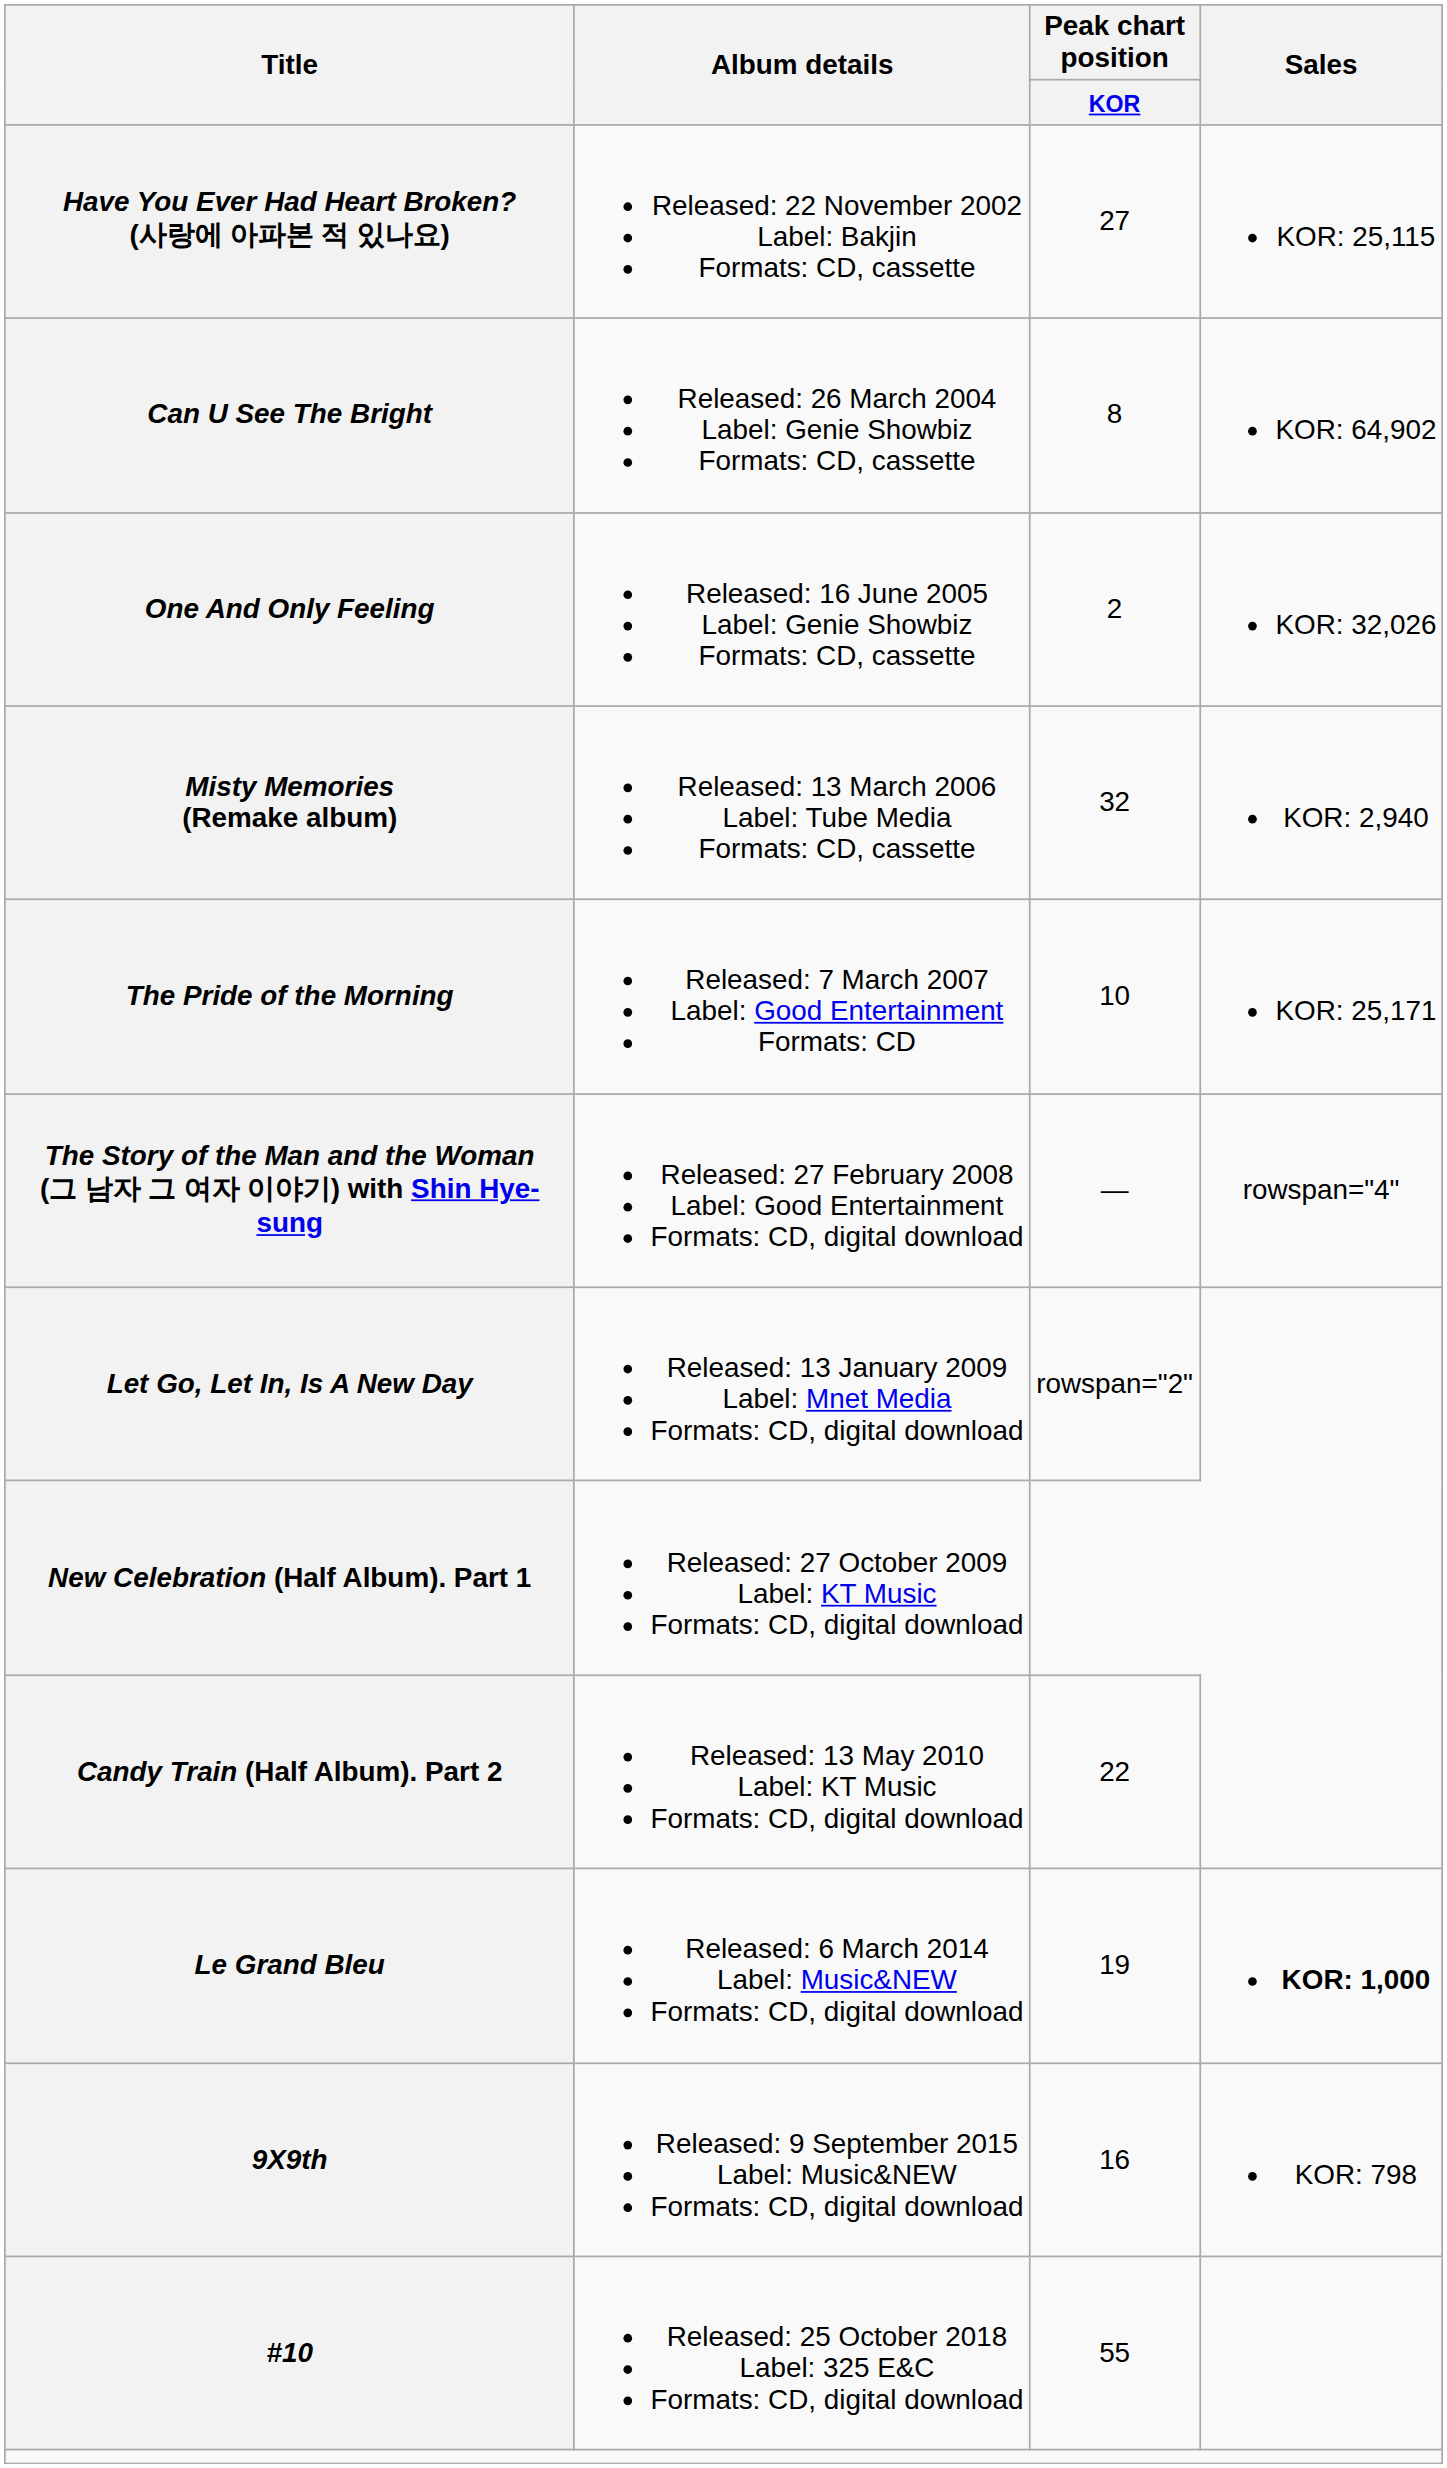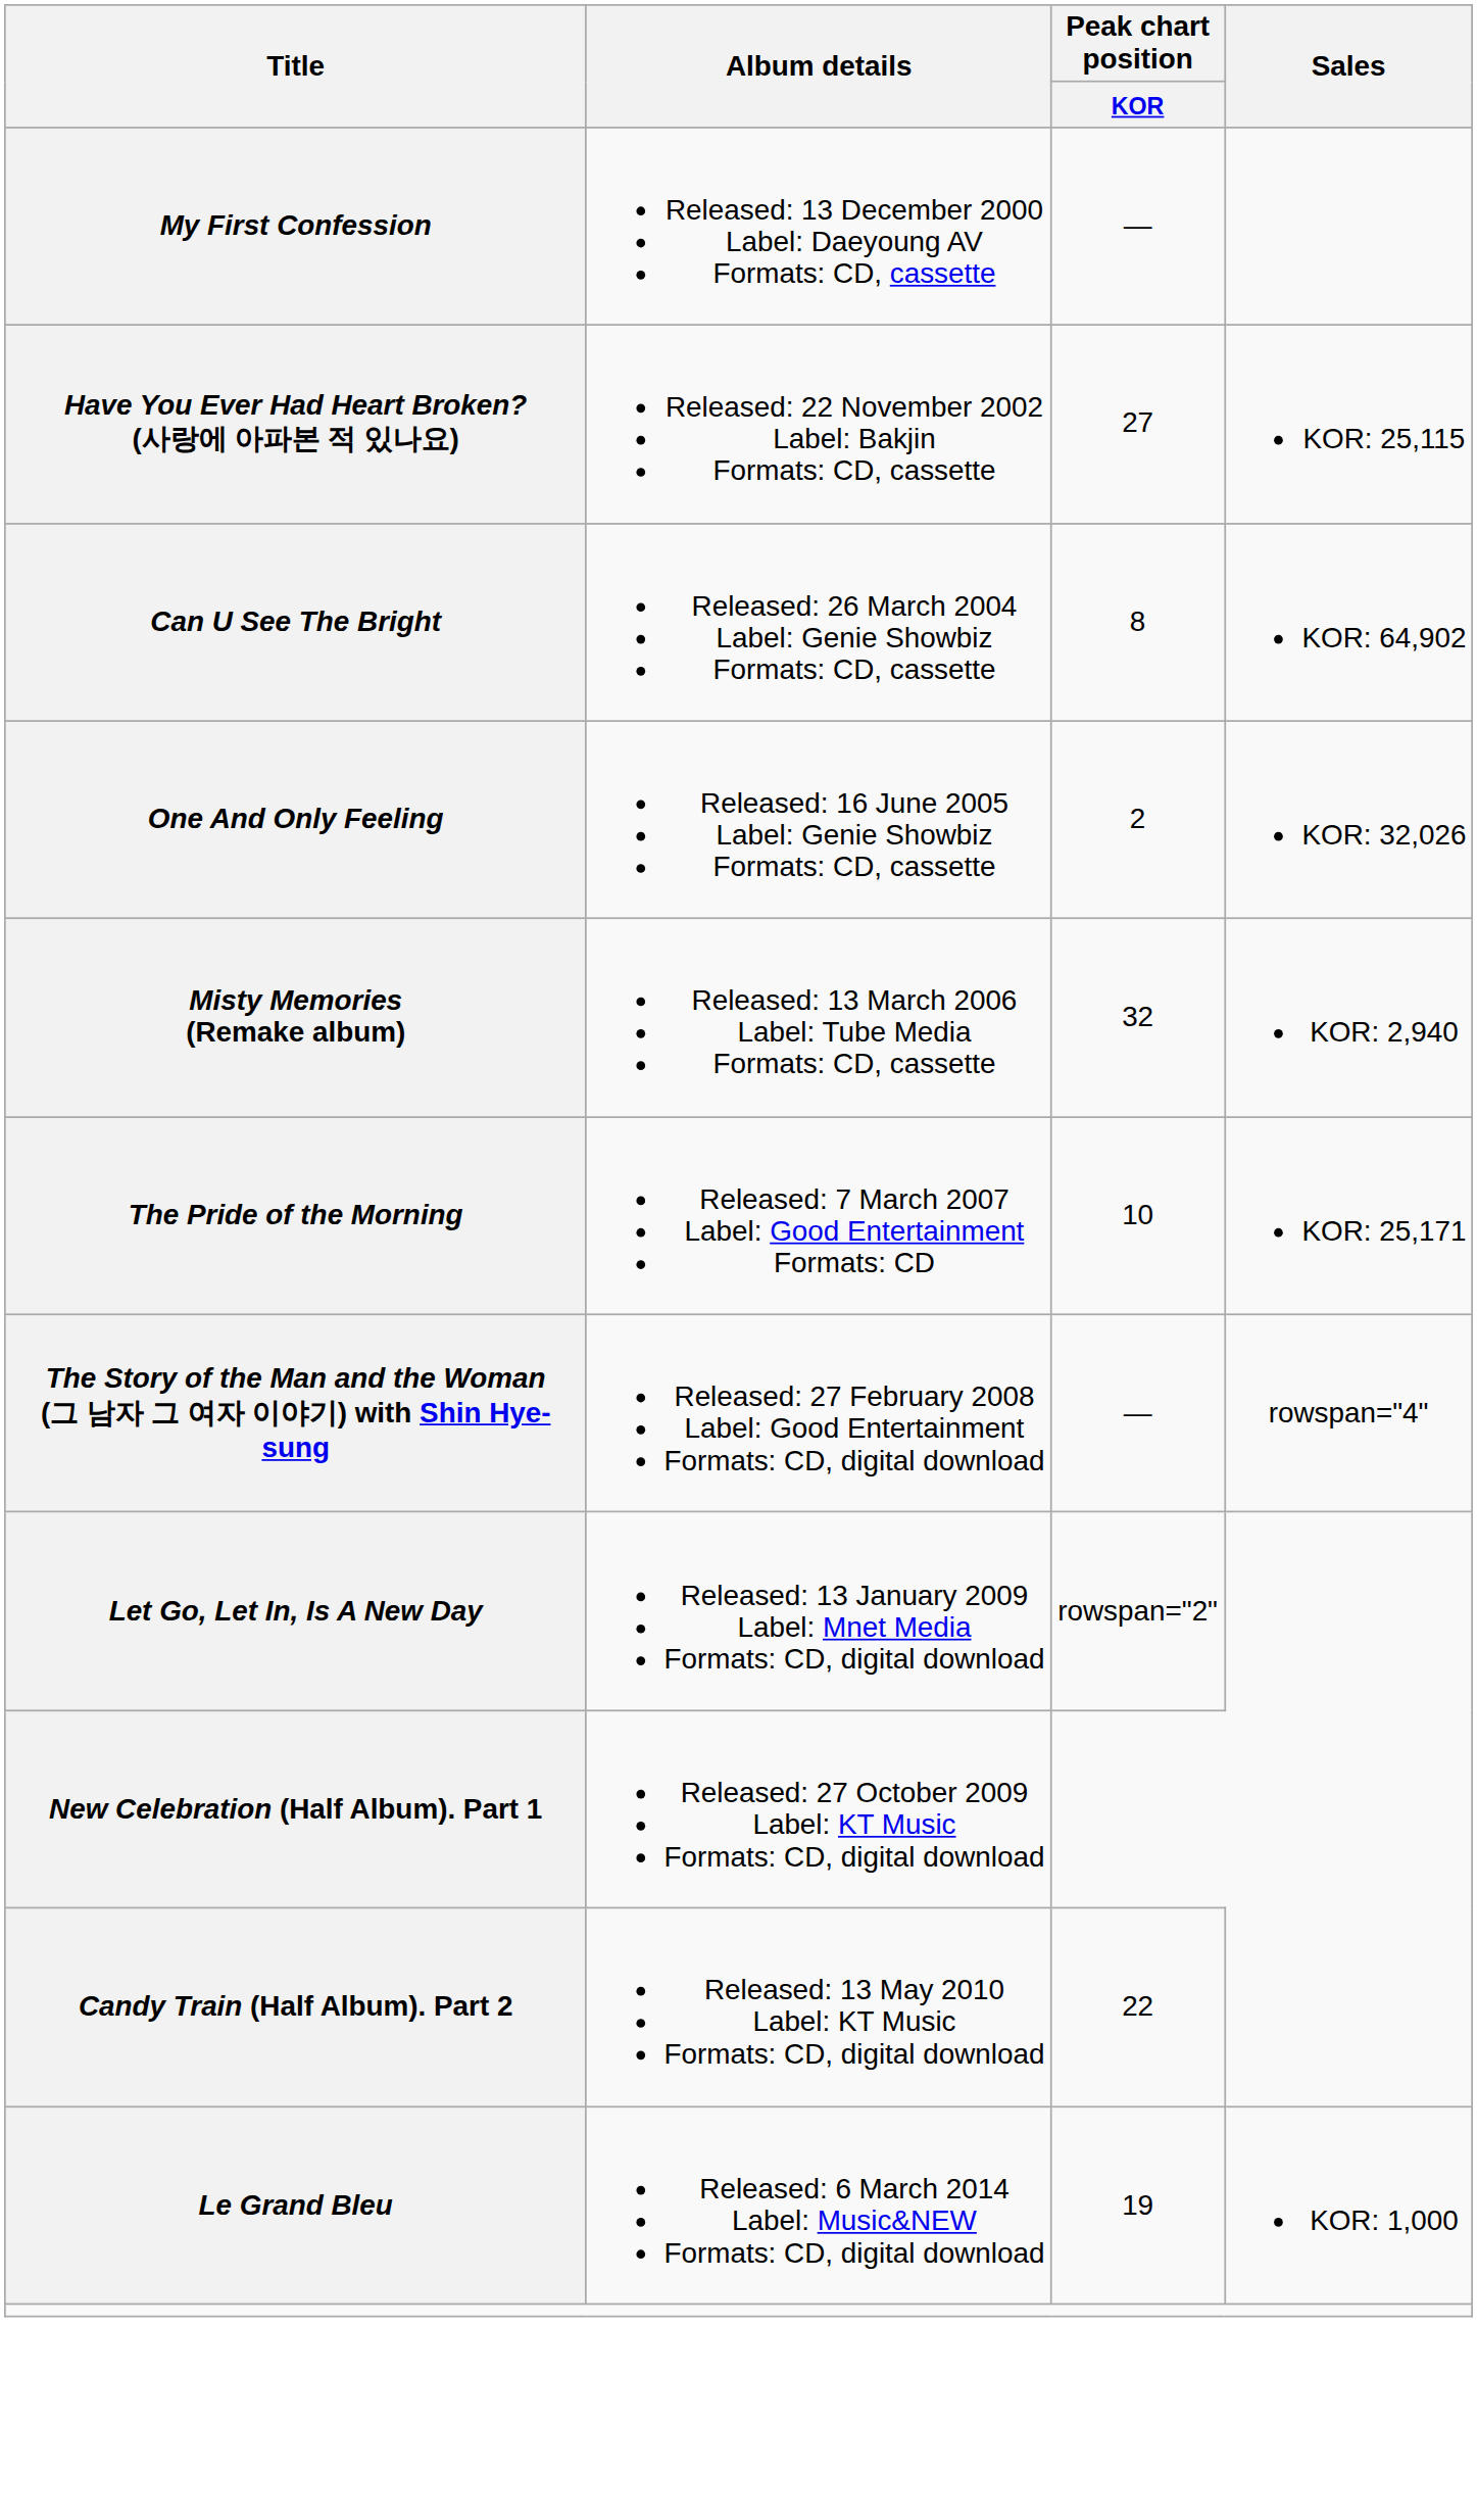 <table class="wikitable plainrowheaders" style="text-align:center;">
 <tr>
 <th scope="col" rowspan="2" style="width:20em;">Title</th>
 <th scope="col" rowspan="2">Album details</th>
 <th scope="col" style="width:5em;">Peak chart position</th>
 <th scope="col" rowspan="2">Sales</th>
 </tr>
 <tr>
 <th><small><a href='#'>KOR</a></small><br></th>
+</tr>
+<tr>
+<th scope="row"><em>My First Confession</em></th>
+<td><br><ul><li>Released: 13 December 2000</li><li>Label: Daeyoung AV</li><li>Formats: CD, <a href='#'>cassette</a></li></ul></td>
+<td>—</td>
+<td></td>
 </tr>
 <tr>
 <th scope="row"><em>Have You Ever Had Heart Broken?</em><br>(사랑에 아파본 적 있나요)</th>
 <td><br><ul><li>Released: 22 November 2002</li><li>Label: Bakjin</li><li>Formats: CD, cassette</li></ul></td>
 <td>27</td>
 <td><br><ul><li>KOR: 25,115</li></ul></td>
 </tr>
 <tr>
 <th scope="row"><em>Can U See The Bright</em></th>
 <td><br><ul><li>Released: 26 March 2004</li><li>Label: Genie Showbiz</li><li>Formats: CD, cassette</li></ul></td>
 <td>8</td>
 <td><br><ul><li>KOR: 64,902</li></ul></td>
 </tr>
 <tr>
 <th scope="row"><em>One And Only Feeling</em></th>
 <td><br><ul><li>Released: 16 June 2005</li><li>Label: Genie Showbiz</li><li>Formats: CD, cassette</li></ul></td>
 <td>2</td>
 <td><br><ul><li>KOR: 32,026</li></ul></td>
 </tr>
 <tr>
 <th scope="row"><em>Misty Memories</em><br>(Remake album)</th>
 <td><br><ul><li>Released: 13 March 2006</li><li>Label: Tube Media</li><li>Formats: CD, cassette</li></ul></td>
 <td>32</td>
 <td><br><ul><li>KOR: 2,940</li></ul></td>
 </tr>
 <tr>
 <th scope="row"><em>The Pride of the Morning</em></th>
 <td><br><ul><li>Released: 7 March 2007</li><li>Label: <a href='#'>Good Entertainment</a></li><li>Formats: CD</li></ul></td>
 <td>10</td>
 <td><br><ul><li>KOR: 25,171</li></ul></td>
 </tr>
 <tr>
 <th scope="row"><em>The Story of the Man and the Woman</em><br>(그 남자 그 여자 이야기) with <a href='#'>Shin Hye-sung</a></th>
 <td><br><ul><li>Released: 27 February 2008</li><li>Label: Good Entertainment</li><li>Formats: CD, digital download</li></ul></td>
 <td>—</td>
 <td>rowspan="4" </td>
 </tr>
 <tr>
 <th scope="row"><em>Let Go, Let In, Is A New Day</em></th>
 <td><br><ul><li>Released: 13 January 2009</li><li>Label: <a href='#'>Mnet Media</a></li><li>Formats: CD, digital download</li></ul></td>
 <td>rowspan="2" </td>
 </tr>
 <tr>
 <th scope="row"><em>New Celebration</em> (Half Album). Part 1</th>
 <td><br><ul><li>Released: 27 October 2009</li><li>Label: <a href='#'>KT Music</a></li><li>Formats: CD, digital download</li></ul></td>
 </tr>
 <tr>
 <th scope="row"><em>Candy Train</em> (Half Album). Part 2</th>
 <td><br><ul><li>Released: 13 May 2010</li><li>Label: KT Music</li><li>Formats: CD, digital download</li></ul></td>
 <td>22</td>
 </tr>
 <tr>
 <th scope="row"><em>Le Grand Bleu</em></th>
 <td><br><ul><li>Released: 6 March 2014</li><li>Label: <a href='#'>Music&NEW</a></li><li>Formats: CD, digital download</li></ul></td>
 <td>19</td>
-<td><strong><br><ul><li>KOR: 1,000</li></ul></strong></td>
-</tr>
-<tr>
-<th scope="row"><em>9X9th</em></th>
-<td><br><ul><li>Released: 9 September 2015</li><li>Label: Music&NEW</li><li>Formats: CD, digital download</li></ul></td>
-<td>16</td>
-<td><br><ul><li>KOR: 798</li></ul></td>
-</tr>
-<tr>
-<th scope="row"><em>#10</em></th>
-<td><br><ul><li>Released: 25 October 2018</li><li>Label: 325 E&C</li><li>Formats: CD, digital download</li></ul></td>
-<td>55</td>
-<td></td>
+<td><br><ul><li>KOR: 1,000</li></ul></td>
 </tr>
 <tr>
 <td colspan="4"></td>
 </tr>
 </table>
